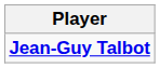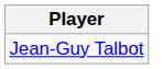 <table class="wikitable">
 <tr>
 <th>Player</th>
 </tr>
 <tr>
-<td><strong><a href='#'>Jean-Guy Talbot</a></strong></td>
+<td><a href='#'>Jean-Guy Talbot</a></td>
 </tr>
 </table>
